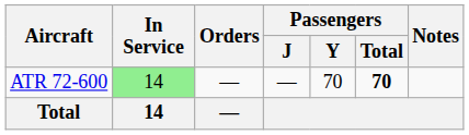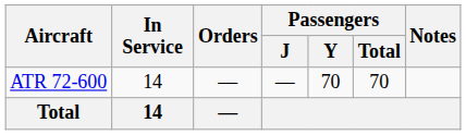 <table class="wikitable" style="border-collapse:collapse;text-align:center;margin:1em auto;">
 <tr>
 <th rowspan="2">Aircraft</th>
 <th rowspan="2" style="width:60px;">In Service</th>
 <th rowspan="2" style="width:25px;">Orders</th>
 <th colspan="3">Passengers</th>
 <th rowspan="2">Notes</th>
 </tr>
 <tr>
 <th style="width:30px;"><abbr>J</abbr></th>
 <th style="width:30px;"><abbr>Y</abbr></th>
 <th style="width:30px;">Total</th>
 </tr>
 <tr>
 <td><a href='#'>ATR 72-600</a></td>
-<td style="background: lightgreen;">14</td>
+<td>14</td>
 <td>—</td>
 <td>—</td>
 <td>70</td>
-<td><strong>70</strong></td>
+<td>70</td>
 <td></td>
 </tr>
 <tr>
 <th>Total</th>
 <th>14</th>
 <th>—</th>
 <th colspan="4"></th>
 </tr>
 </table>
